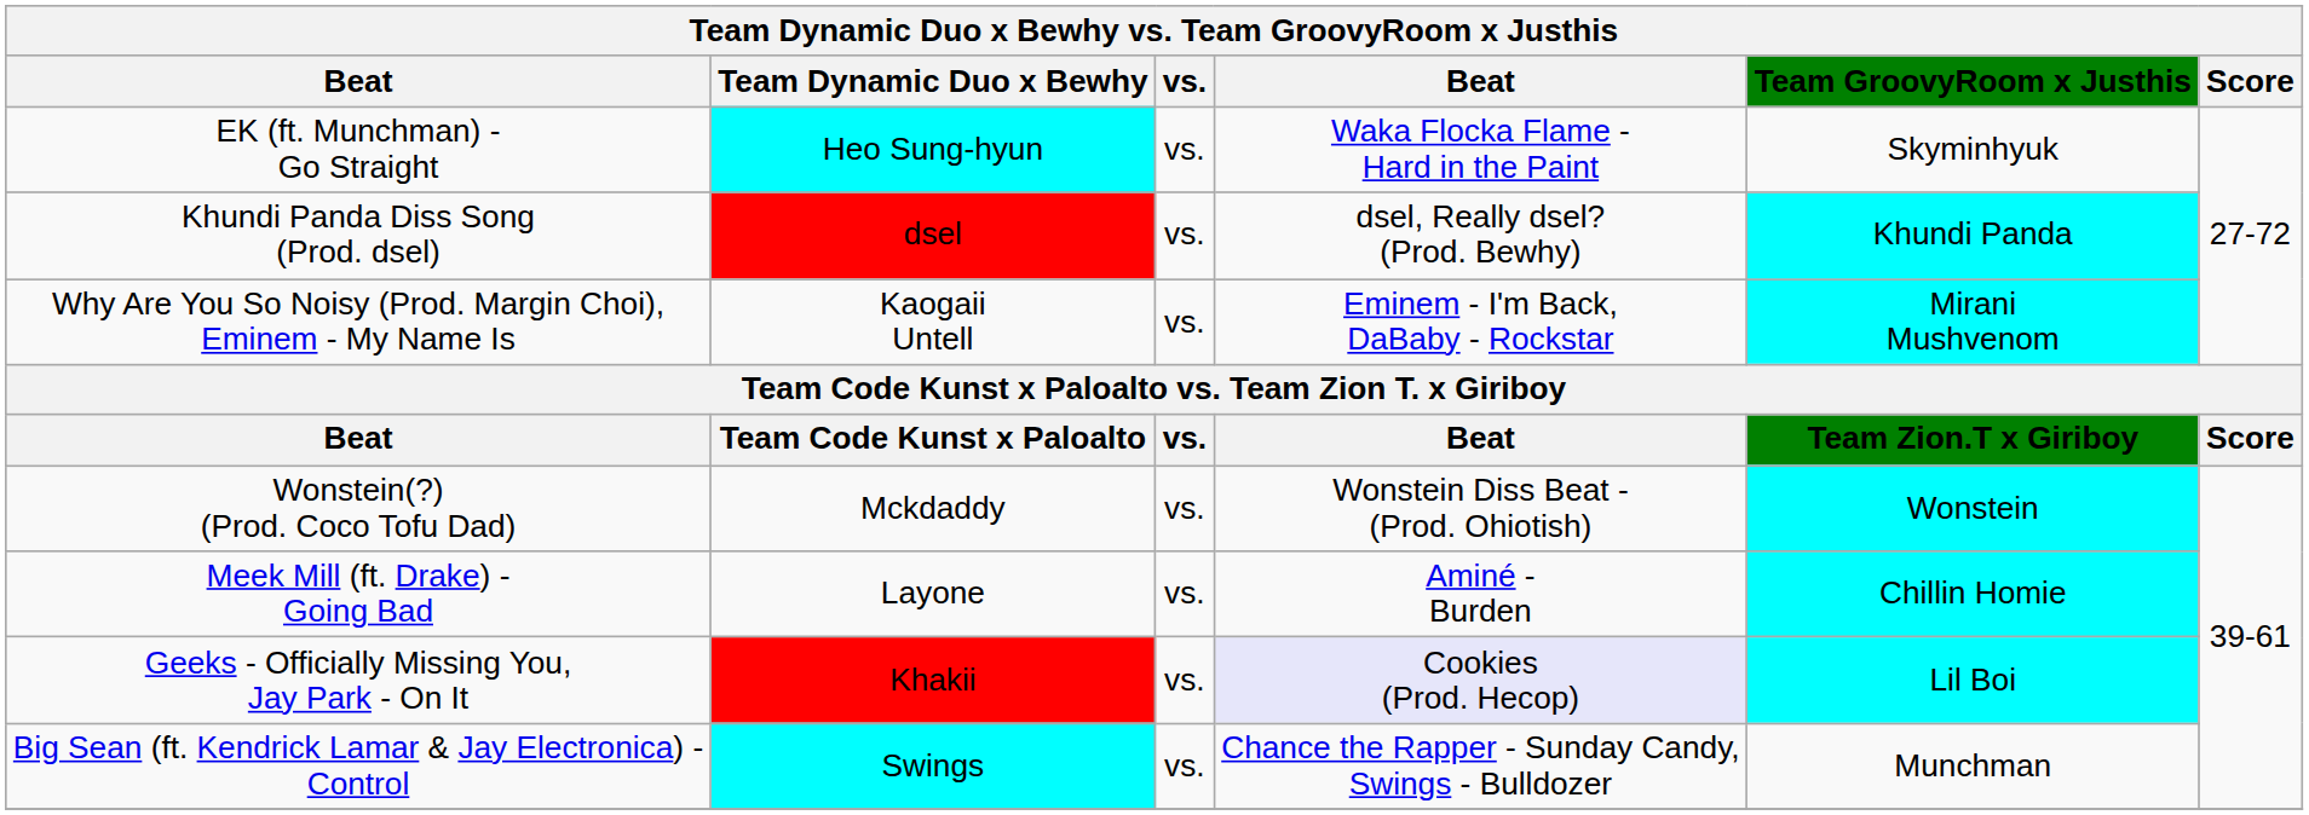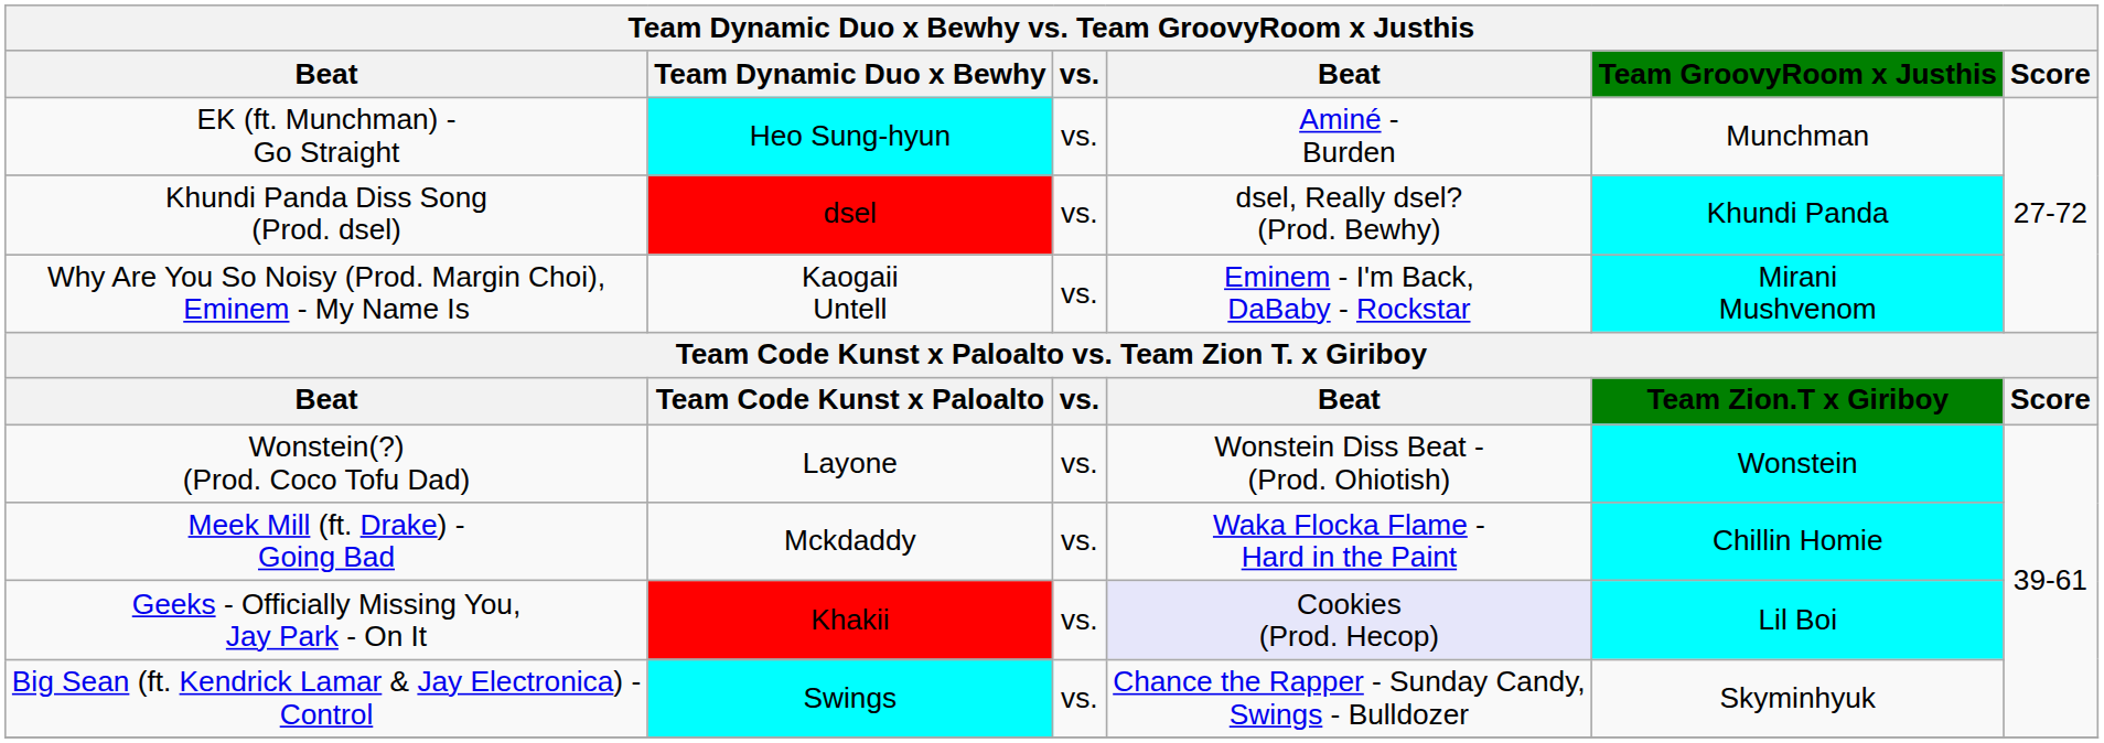 <table class="wikitable" border="2" style="text-align:center">
 <tr>
 <th colspan="6">Team Dynamic Duo x Bewhy vs. Team GroovyRoom x Justhis</th>
 </tr>
 <tr>
 <th><strong>Beat</strong></th>
 <th><strong>Team Dynamic Duo x Bewhy</strong></th>
 <th>vs.</th>
 <th><strong>Beat</strong></th>
 <th style="background:green"><strong>Team GroovyRoom x Justhis</strong></th>
 <th>Score</th>
 </tr>
 <tr>
 <td>EK (ft. Munchman) -<br>Go Straight</td>
 <td style="background:aqua">Heo Sung-hyun</td>
 <td>vs.</td>
-<td><a href='#'>Waka Flocka Flame</a> -<br><a href='#'>Hard in the Paint</a></td>
-<td>Skyminhyuk</td>
+<td><a href='#'>Aminé</a> -<br>Burden</td>
+<td>Munchman</td>
 <td rowspan="3">27-72</td>
 </tr>
 <tr>
 <td>Khundi Panda Diss Song <br> (Prod. dsel)</td>
 <td style="background:red">dsel</td>
 <td>vs.</td>
 <td>dsel, Really dsel? <br> (Prod. Bewhy)</td>
 <td style="background:aqua">Khundi Panda</td>
 </tr>
 <tr>
 <td>Why Are You So Noisy (Prod. Margin Choi),<br><a href='#'>Eminem</a> - My Name Is</td>
 <td>Kaogaii<br>Untell</td>
 <td>vs.</td>
 <td><a href='#'>Eminem</a> - I'm Back,<br><a href='#'>DaBaby</a> - <a href='#'>Rockstar</a></td>
 <td style="background:aqua">Mirani<br>Mushvenom</td>
 </tr>
 <tr>
 <th colspan="6">Team Code Kunst x Paloalto vs. Team Zion T. x Giriboy</th>
 </tr>
 <tr>
 <th><strong>Beat</strong></th>
 <th><strong>Team Code Kunst x Paloalto</strong></th>
 <th>vs.</th>
 <th><strong>Beat</strong></th>
 <th style="background:green"><strong>Team Zion.T x Giriboy</strong></th>
 <th>Score</th>
 </tr>
 <tr>
 <td>Wonstein(?) <br>(Prod. Coco Tofu Dad)</td>
-<td>Mckdaddy</td>
+<td>Layone</td>
 <td>vs.</td>
 <td>Wonstein Diss Beat -<br>(Prod. Ohiotish)</td>
 <td style="background:aqua">Wonstein</td>
 <td rowspan="4">39-61</td>
 </tr>
 <tr>
 <td><a href='#'>Meek Mill</a> (ft. <a href='#'>Drake</a>) -<br><a href='#'>Going Bad</a></td>
-<td>Layone</td>
+<td>Mckdaddy</td>
 <td>vs.</td>
-<td><a href='#'>Aminé</a> -<br>Burden</td>
+<td><a href='#'>Waka Flocka Flame</a> -<br><a href='#'>Hard in the Paint</a></td>
 <td style="background:aqua">Chillin Homie</td>
 </tr>
 <tr>
 <td><a href='#'>Geeks</a> - Officially Missing You,<br> <a href='#'>Jay Park</a> - On It</td>
 <td style="background:red">Khakii</td>
 <td>vs.</td>
 <td style="background: lavender;">Cookies <br> (Prod. Hecop)</td>
 <td style="background:aqua">Lil Boi</td>
 </tr>
 <tr>
 <td><a href='#'>Big Sean</a> (ft. <a href='#'>Kendrick Lamar</a> & <a href='#'>Jay Electronica</a>) -<br><a href='#'>Control</a></td>
 <td style="background:aqua">Swings</td>
 <td>vs.</td>
 <td><a href='#'>Chance the Rapper</a> - Sunday Candy,<br><a href='#'>Swings</a> - Bulldozer</td>
-<td>Munchman</td>
+<td>Skyminhyuk</td>
 </tr>
 <tr>
 </tr>
 </table>
